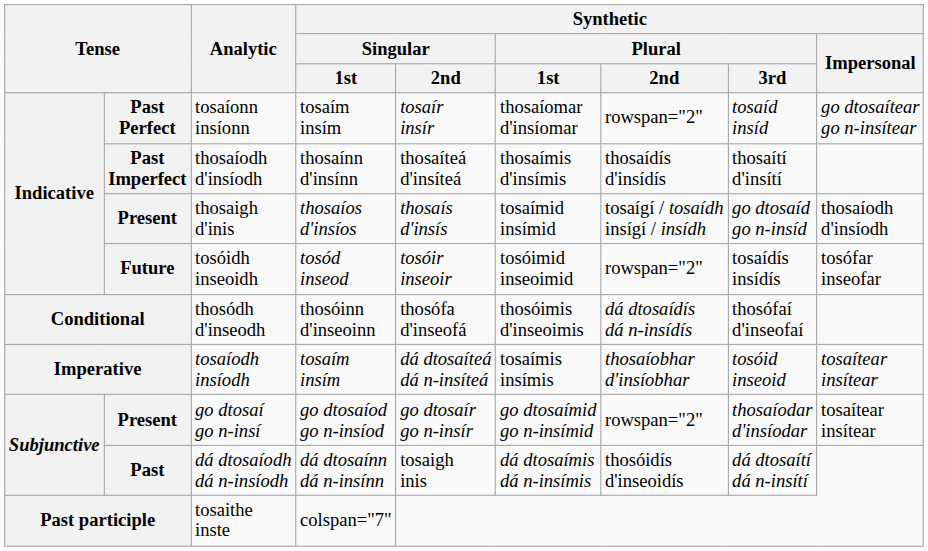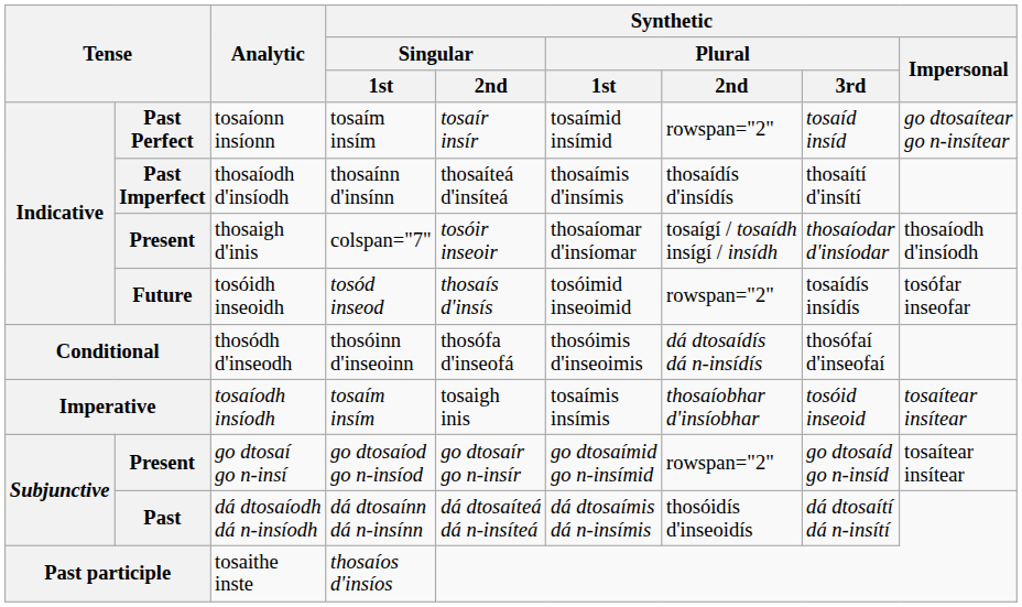 <table class="wikitable mw-collapsible">
 <tr>
 <th colspan="2" rowspan="3">Tense</th>
 <th rowspan="3">Analytic</th>
 <th colspan="6">Synthetic</th>
 </tr>
 <tr>
 <th colspan="2">Singular</th>
 <th colspan="3">Plural</th>
 <th rowspan="2">Impersonal</th>
 </tr>
 <tr>
 <th>1st</th>
 <th>2nd</th>
 <th>1st</th>
 <th>2nd</th>
 <th>3rd</th>
 </tr>
 <tr>
 <th rowspan="4">Indicative</th>
 <th>Past<br>Perfect</th>
 <td>tosaíonn<br>insíonn</td>
 <td>tosaím<br>insím</td>
 <td><em>tosaír<br>insír</em></td>
-<td>thosaíomar<br>d'insíomar</td>
+<td>tosaímid<br>insímid</td>
 <td>rowspan="2" </td>
 <td><em>tosaíd<br>insíd</em></td>
 <td><em>go dtosaítear<br>go n-insítear</em></td>
 </tr>
 <tr>
 <th>Past<br>Imperfect</th>
 <td>thosaíodh<br>d'insíodh</td>
 <td>thosaínn<br>d'insínn</td>
 <td>thosaíteá<br>d'insíteá</td>
 <td>thosaímis<br>d'insímis</td>
 <td>thosaídís<br>d'insídís</td>
 <td>thosaítí<br>d'insítí</td>
 </tr>
 <tr>
 <th>Present</th>
 <td>thosaigh<br>d'inis</td>
-<td><em>thosaíos<br>d'insíos</em></td>
-<td><em>thosaís<br>d'insís</em></td>
-<td>tosaímid<br>insímid</td>
+<td>colspan="7" </td>
+<td><em>tosóir<br>inseoir</em></td>
+<td>thosaíomar<br>d'insíomar</td>
 <td>tosaígí / <em>tosaídh</em><br>insígí / <em>insídh</em></td>
-<td><em>go dtosaíd<br>go n-insíd</em></td>
+<td><em>thosaíodar<br>d'insíodar</em></td>
 <td>thosaíodh<br>d'insíodh</td>
 </tr>
 <tr>
 <th>Future</th>
 <td>tosóidh<br>inseoidh</td>
 <td><em>tosód<br>inseod</em></td>
-<td><em>tosóir<br>inseoir</em></td>
+<td><em>thosaís<br>d'insís</em></td>
 <td>tosóimid<br>inseoimid</td>
 <td>rowspan="2" </td>
 <td>tosaídís<br>insídís</td>
 <td>tosófar<br>inseofar</td>
 </tr>
 <tr>
 <th colspan="2">Conditional</th>
 <td>thosódh<br>d'inseodh</td>
 <td>thosóinn<br>d'inseoinn</td>
 <td>thosófa<br>d'inseofá</td>
 <td>thosóimis<br>d'inseoimis</td>
 <td><em>dá dtosaídís<br>dá n-insídís</em></td>
 <td>thosófaí<br>d'inseofaí</td>
 </tr>
 <tr>
 <th colspan="2">Imperative</th>
 <td><em>tosaíodh<br>insíodh</em></td>
 <td><em>tosaím<br>insím</em></td>
-<td><em>dá dtosaíteá<br>dá n-insíteá</em></td>
+<td>tosaigh<br>inis</td>
 <td>tosaímis<br>insímis</td>
 <td><em>thosaíobhar<br>d'insíobhar</em></td>
 <td><em>tosóid<br>inseoid</em></td>
 <td><em>tosaítear<br>insítear</em></td>
 </tr>
 <tr>
 <th rowspan="2"><em>Subjunctive</em></th>
 <th>Present</th>
 <td><em>go dtosaí<br>go n-insí</em></td>
 <td><em>go dtosaíod<br>go n-insíod</em></td>
 <td><em>go dtosaír<br>go n-insír</em></td>
 <td><em>go dtosaímid<br>go n-insímid</em></td>
 <td>rowspan="2" </td>
-<td><em>thosaíodar<br>d'insíodar</em></td>
+<td><em>go dtosaíd<br>go n-insíd</em></td>
 <td>tosaítear<br>insítear</td>
 </tr>
 <tr>
 <th>Past</th>
 <td><em>dá dtosaíodh<br>dá n-insíodh</em></td>
 <td><em>dá dtosaínn<br>dá n-insínn</em></td>
-<td>tosaigh<br>inis</td>
+<td><em>dá dtosaíteá<br>dá n-insíteá</em></td>
 <td><em>dá dtosaímis<br>dá n-insímis</em></td>
 <td>thosóidís<br>d'inseoidís</td>
 <td><em>dá dtosaítí<br>dá n-insítí</em></td>
 </tr>
 <tr>
 <th colspan="2">Past participle</th>
 <td>tosaithe<br>inste</td>
-<td>colspan="7" </td>
+<td><em>thosaíos<br>d'insíos</em></td>
 </tr>
 </table>
